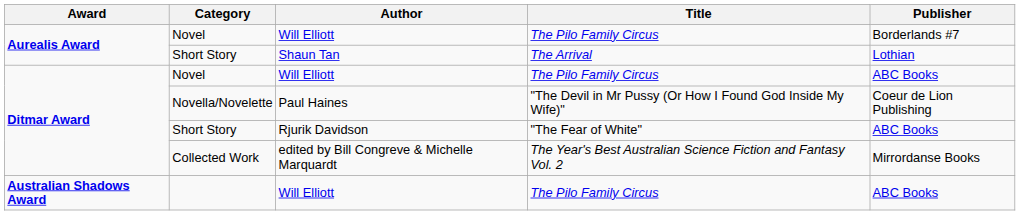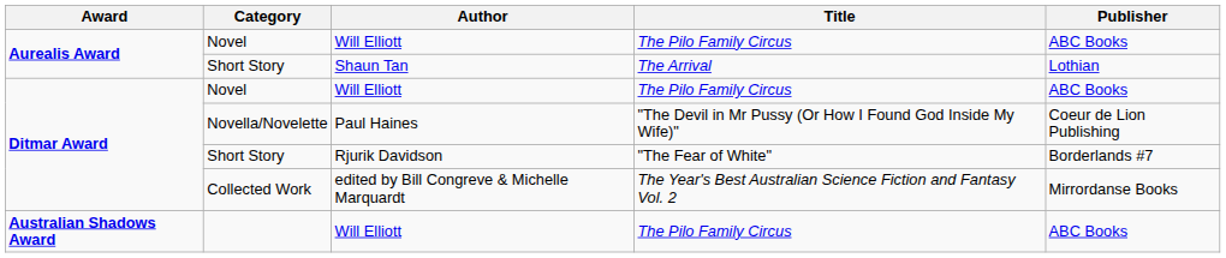 <table class="wikitable" width=100%>
 <tr>
 <th>Award</th>
 <th>Category</th>
 <th>Author</th>
 <th>Title</th>
 <th>Publisher</th>
 </tr>
 <tr>
 <td rowspan=2><strong><a href='#'>Aurealis Award</a></strong></td>
 <td>Novel</td>
 <td><a href='#'>Will Elliott</a></td>
 <td><em><a href='#'>The Pilo Family Circus</a></em></td>
-<td>Borderlands #7</td>
+<td><a href='#'>ABC Books</a></td>
 </tr>
 <tr>
 <td>Short Story</td>
 <td><a href='#'>Shaun Tan</a></td>
 <td><em><a href='#'>The Arrival</a></em></td>
 <td><a href='#'>Lothian</a></td>
 </tr>
 <tr>
 <td rowspan=4><strong><a href='#'>Ditmar Award</a></strong></td>
 <td>Novel</td>
 <td><a href='#'>Will Elliott</a></td>
 <td><em><a href='#'>The Pilo Family Circus</a></em></td>
 <td><a href='#'>ABC Books</a></td>
 </tr>
 <tr>
 <td>Novella/Novelette</td>
 <td>Paul Haines</td>
 <td>"The Devil in Mr Pussy (Or How I Found God Inside My Wife)"</td>
 <td>Coeur de Lion Publishing</td>
 </tr>
 <tr>
 <td>Short Story</td>
 <td>Rjurik Davidson</td>
 <td>"The Fear of White"</td>
-<td><a href='#'>ABC Books</a></td>
+<td>Borderlands #7</td>
 </tr>
 <tr>
 <td>Collected Work</td>
 <td>edited by Bill Congreve & Michelle Marquardt</td>
 <td><em>The Year's Best Australian Science Fiction and Fantasy Vol. 2</em></td>
 <td>Mirrordanse Books</td>
 </tr>
 <tr>
 <td><strong><a href='#'>Australian Shadows Award</a></strong></td>
 <td></td>
 <td><a href='#'>Will Elliott</a></td>
 <td><em><a href='#'>The Pilo Family Circus</a></em></td>
 <td><a href='#'>ABC Books</a></td>
 </tr>
 </table>
